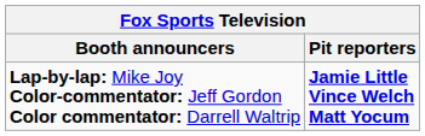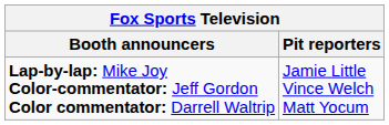 <table class="wikitable" style="font-size: 95%;">
 <tr>
 <th colspan="2"><a href='#'>Fox Sports</a> Television</th>
 </tr>
 <tr>
 <th>Booth announcers</th>
 <th>Pit reporters</th>
 </tr>
 <tr>
 <td><strong>Lap-by-lap:</strong> <a href='#'>Mike Joy</a><br><strong>Color-commentator:</strong> <a href='#'>Jeff Gordon</a><br><strong>Color commentator:</strong> <a href='#'>Darrell Waltrip</a></td>
-<td><strong><a href='#'>Jamie Little</a><br><a href='#'>Vince Welch</a><br><a href='#'>Matt Yocum</a></strong></td>
+<td><a href='#'>Jamie Little</a><br><a href='#'>Vince Welch</a><br><a href='#'>Matt Yocum</a></td>
 </tr>
 </table>
